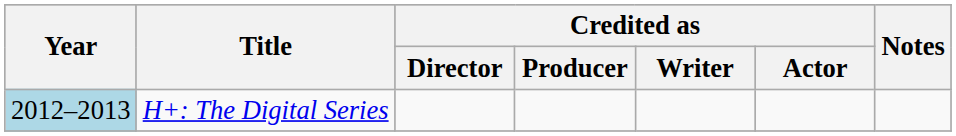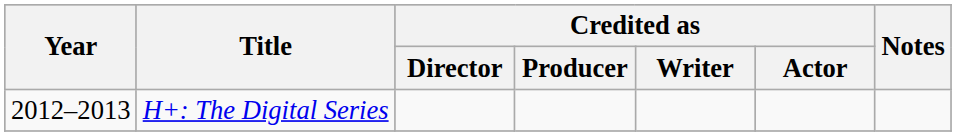 <table class="wikitable sortable">
 <tr>
 <th rowspan=2>Year</th>
 <th rowspan=2>Title</th>
 <th colspan=4>Credited as</th>
 <th rowspan=2 class="unsortable">Notes</th>
 </tr>
 <tr>
 <th width=65>Director</th>
 <th width=65>Producer</th>
 <th width=65>Writer</th>
 <th width=65>Actor</th>
 </tr>
 <tr>
-<td style="background: lightblue;">2012–2013</td>
+<td>2012–2013</td>
 <td><em><a href='#'>H+: The Digital Series</a></em></td>
 <td></td>
 <td></td>
 <td></td>
 <td></td>
 <td></td>
 </tr>
 </table>
